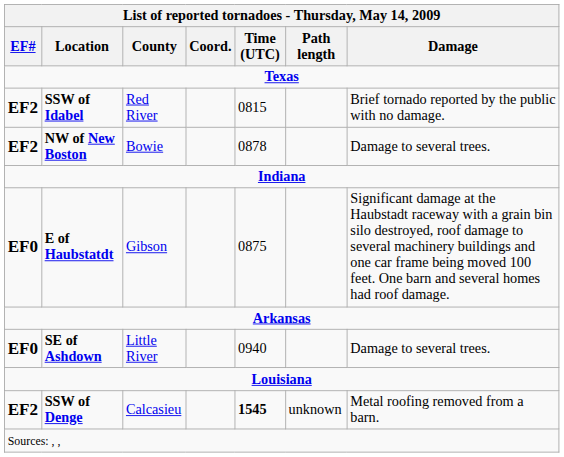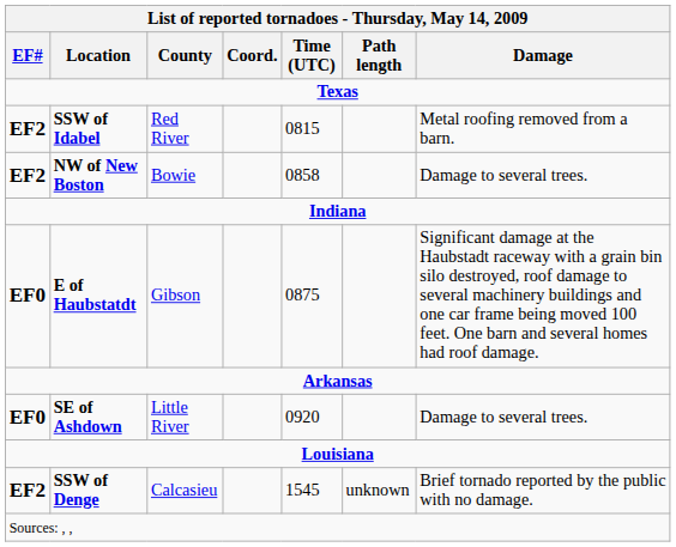 <table class="wikitable collapsible" width="100%">
 <tr>
 <th colspan="7">List of reported tornadoes - Thursday, May 14, 2009</th>
 </tr>
 <tr>
 <th><a href='#'>EF#</a></th>
 <th>Location</th>
 <th>County</th>
 <th>Coord.</th>
 <th>Time (UTC)</th>
 <th>Path length</th>
 <th>Damage</th>
 </tr>
 <tr>
 <td colspan="7" align=center><strong><a href='#'>Texas</a></strong></td>
 </tr>
 <tr>
 <td><big><strong>EF2</strong></big></td>
 <td><strong>SSW of <a href='#'>Idabel</a></strong></td>
 <td><a href='#'>Red River</a></td>
 <td></td>
 <td>0815</td>
 <td></td>
-<td>Brief tornado reported by the public with no damage.</td>
+<td>Metal roofing removed from a barn.</td>
 </tr>
 <tr>
 <td><big><strong>EF2</strong></big></td>
 <td><strong>NW of <a href='#'>New Boston</a></strong></td>
 <td><a href='#'>Bowie</a></td>
 <td></td>
-<td>0878</td>
+<td>0858</td>
 <td></td>
 <td>Damage to several trees.</td>
 </tr>
 <tr>
 <td colspan="7" align=center><strong><a href='#'>Indiana</a></strong></td>
 </tr>
 <tr>
 <td><big><strong>EF0</strong></big></td>
 <td><strong>E of <a href='#'>Haubstatdt</a></strong></td>
 <td><a href='#'>Gibson</a></td>
 <td></td>
 <td>0875</td>
 <td></td>
 <td>Significant damage at the Haubstadt raceway with a grain bin silo destroyed, roof damage to several machinery buildings and one car frame being moved 100 feet. One barn and several homes had roof damage.</td>
 </tr>
 <tr>
 <td colspan="7" align=center><strong><a href='#'>Arkansas</a></strong></td>
 </tr>
 <tr>
 <td><big><strong>EF0</strong></big></td>
 <td><strong>SE of <a href='#'>Ashdown</a></strong></td>
 <td><a href='#'>Little River</a></td>
 <td></td>
-<td>0940</td>
+<td>0920</td>
 <td></td>
 <td>Damage to several trees.</td>
 </tr>
 <tr>
 <td colspan="7" align=center><strong><a href='#'>Louisiana</a></strong></td>
 </tr>
 <tr>
 <td><big><strong>EF2</strong></big></td>
 <td><strong>SSW of <a href='#'>Denge</a></strong></td>
 <td><a href='#'>Calcasieu</a></td>
 <td></td>
-<td><strong>1545</strong></td>
+<td>1545</td>
 <td>unknown</td>
-<td>Metal roofing removed from a barn.</td>
+<td>Brief tornado reported by the public with no damage.</td>
 </tr>
 <tr>
 <td colspan="7"><small>Sources: , , </small></td>
 </tr>
 </table>
